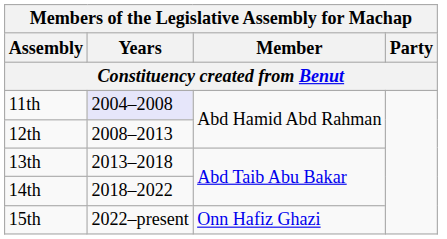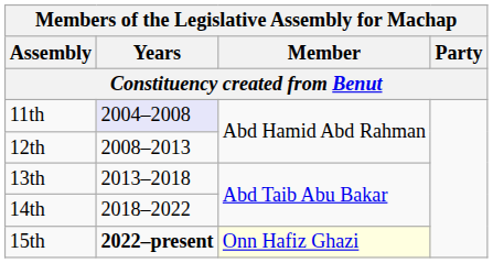 <table class="wikitable">
 <tr>
 <th colspan="4">Members of the Legislative Assembly for Machap</th>
 </tr>
 <tr>
 <th>Assembly</th>
 <th>Years</th>
 <th>Member</th>
 <th>Party</th>
 </tr>
 <tr>
 <th colspan="4"><em>Constituency created from <a href='#'>Benut</a></em></th>
 </tr>
 <tr>
 <td>11th</td>
 <td style="background: lavender;">2004–2008</td>
 <td rowspan="2">Abd Hamid Abd Rahman</td>
 <td rowspan="5"></td>
 </tr>
 <tr>
 <td>12th</td>
 <td>2008–2013</td>
 </tr>
 <tr>
 <td>13th</td>
 <td>2013–2018</td>
 <td rowspan="2"><a href='#'>Abd Taib Abu Bakar</a></td>
 </tr>
 <tr>
 <td>14th</td>
 <td>2018–2022</td>
 </tr>
 <tr>
 <td>15th</td>
-<td>2022–present</td>
-<td><a href='#'>Onn Hafiz Ghazi</a></td>
+<td><strong>2022–present</strong></td>
+<td style="background: lightyellow;"><a href='#'>Onn Hafiz Ghazi</a></td>
 </tr>
 </table>
